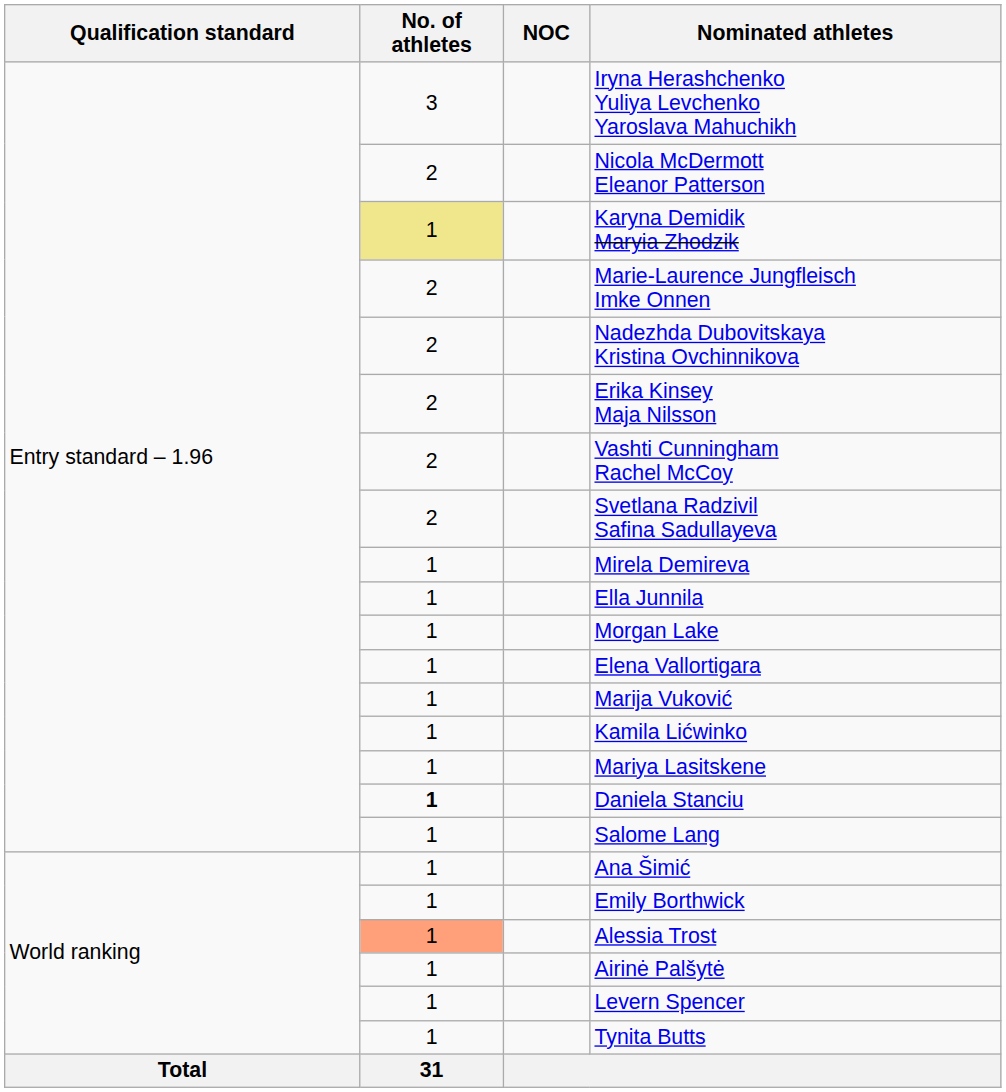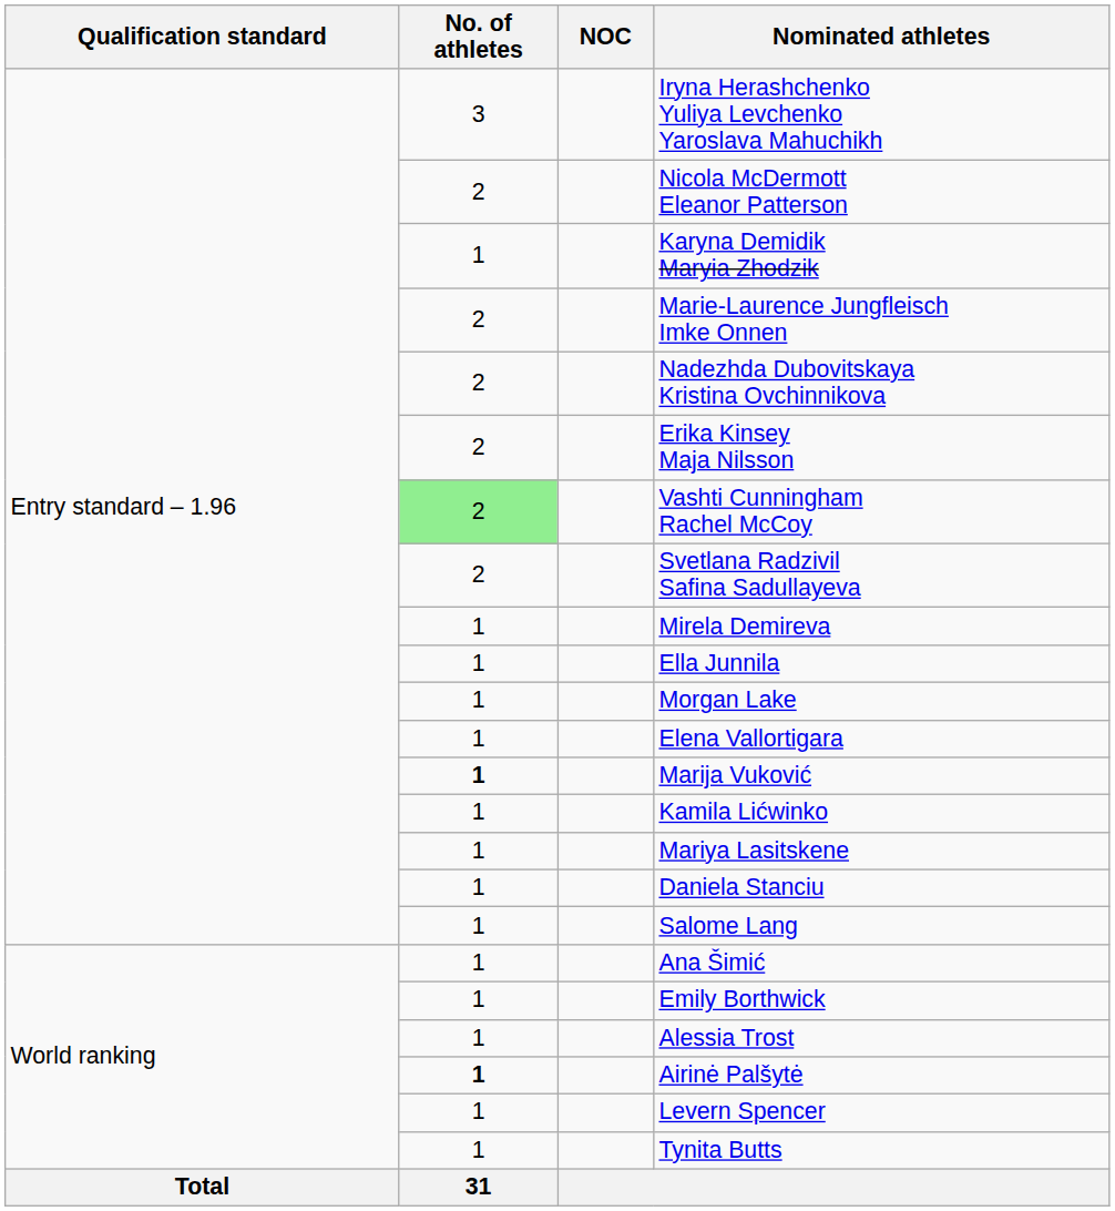 <table class="wikitable" style="text-align:left; width:750px;">
 <tr>
 <th>Qualification standard</th>
 <th width=100>No. of athletes</th>
 <th>NOC</th>
 <th>Nominated athletes</th>
 </tr>
 <tr>
 <td rowspan="17">Entry standard – 1.96</td>
 <td align=center>3</td>
 <td></td>
 <td><a href='#'>Iryna Herashchenko</a><br><a href='#'>Yuliya Levchenko</a><br><a href='#'>Yaroslava Mahuchikh</a></td>
 </tr>
 <tr>
 <td align=center>2</td>
 <td></td>
 <td><a href='#'>Nicola McDermott</a><br><a href='#'>Eleanor Patterson</a></td>
 </tr>
 <tr>
-<td align=center style="background: khaki;">1</td>
+<td align=center>1</td>
 <td></td>
 <td><a href='#'>Karyna Demidik</a><br><s><a href='#'>Maryia Zhodzik</a></s></td>
 </tr>
 <tr>
 <td align=center>2</td>
 <td></td>
 <td><a href='#'>Marie-Laurence Jungfleisch</a> <br> <a href='#'>Imke Onnen</a></td>
 </tr>
 <tr>
 <td align=center>2</td>
 <td></td>
 <td><a href='#'>Nadezhda Dubovitskaya</a> <br> <a href='#'>Kristina Ovchinnikova</a></td>
 </tr>
 <tr>
 <td align=center>2</td>
 <td></td>
 <td><a href='#'>Erika Kinsey</a><br><a href='#'>Maja Nilsson</a></td>
 </tr>
 <tr>
-<td align=center>2</td>
+<td align=center style="background: lightgreen;">2</td>
 <td></td>
 <td><a href='#'>Vashti Cunningham</a><br><a href='#'>Rachel McCoy</a></td>
 </tr>
 <tr>
 <td align=center>2</td>
 <td></td>
 <td><a href='#'>Svetlana Radzivil</a><br><a href='#'>Safina Sadullayeva</a></td>
 </tr>
 <tr>
 <td align=center>1</td>
 <td></td>
 <td><a href='#'>Mirela Demireva</a></td>
 </tr>
 <tr>
 <td align=center>1</td>
 <td></td>
 <td><a href='#'>Ella Junnila</a></td>
 </tr>
 <tr>
 <td align=center>1</td>
 <td></td>
 <td><a href='#'>Morgan Lake</a></td>
 </tr>
 <tr>
 <td align=center>1</td>
 <td></td>
 <td><a href='#'>Elena Vallortigara</a></td>
 </tr>
 <tr>
-<td align=center>1</td>
+<td align=center><strong>1</strong></td>
 <td></td>
 <td><a href='#'>Marija Vuković</a></td>
 </tr>
 <tr>
 <td align=center>1</td>
 <td></td>
 <td><a href='#'>Kamila Lićwinko</a></td>
 </tr>
 <tr>
 <td align=center>1</td>
 <td></td>
 <td><a href='#'>Mariya Lasitskene</a></td>
 </tr>
 <tr>
-<td align=center><strong>1</strong></td>
+<td align=center>1</td>
 <td></td>
 <td><a href='#'>Daniela Stanciu</a></td>
 </tr>
 <tr>
 <td align=center>1</td>
 <td></td>
 <td><a href='#'>Salome Lang</a></td>
 </tr>
 <tr>
 <td rowspan=6>World ranking</td>
 <td align=center>1</td>
 <td></td>
 <td><a href='#'>Ana Šimić</a></td>
 </tr>
 <tr>
 <td align=center>1</td>
 <td></td>
 <td><a href='#'>Emily Borthwick</a></td>
 </tr>
 <tr>
-<td align=center style="background: lightsalmon;">1</td>
+<td align=center>1</td>
 <td></td>
 <td><a href='#'>Alessia Trost</a></td>
 </tr>
 <tr>
-<td align=center>1</td>
+<td align=center><strong>1</strong></td>
 <td></td>
 <td><a href='#'>Airinė Palšytė</a></td>
 </tr>
 <tr>
 <td align=center>1</td>
 <td></td>
 <td><a href='#'>Levern Spencer</a></td>
 </tr>
 <tr>
 <td align=center>1</td>
 <td></td>
 <td><a href='#'>Tynita Butts</a></td>
 </tr>
 <tr>
 <th>Total</th>
 <th>31</th>
 <th colspan=2></th>
 </tr>
 </table>
